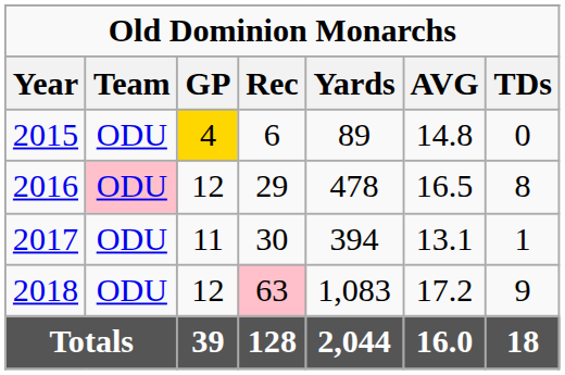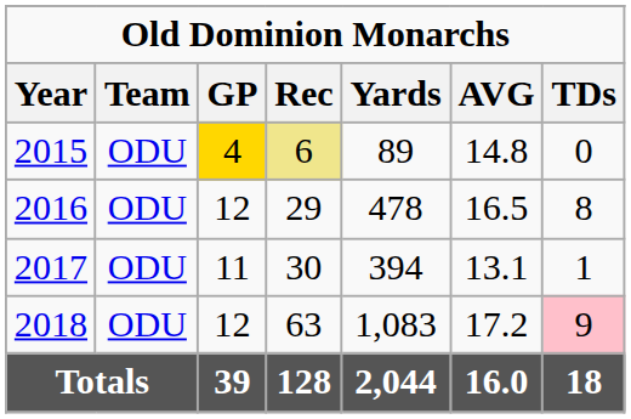 <table class="wikitable" style="text-align:center;">
 <tr>
 </tr>
 <tr>
 <td ! colspan="14"><span><strong>Old Dominion Monarchs</strong></span></td>
 </tr>
 <tr>
 <th>Year</th>
 <th>Team</th>
 <th>GP</th>
 <th>Rec</th>
 <th>Yards</th>
 <th>AVG</th>
 <th>TDs</th>
 </tr>
 <tr>
 <td><a href='#'>2015</a></td>
 <td><a href='#'>ODU</a></td>
 <td style="background: gold;">4</td>
-<td>6</td>
+<td style="background: khaki;">6</td>
 <td>89</td>
 <td>14.8</td>
 <td>0</td>
 </tr>
 <tr>
 <td><a href='#'>2016</a></td>
-<td style="background: pink;"><a href='#'>ODU</a></td>
+<td><a href='#'>ODU</a></td>
 <td>12</td>
 <td>29</td>
 <td>478</td>
 <td>16.5</td>
 <td>8</td>
 </tr>
 <tr>
 <td><a href='#'>2017</a></td>
 <td><a href='#'>ODU</a></td>
 <td>11</td>
 <td>30</td>
 <td>394</td>
 <td>13.1</td>
 <td>1</td>
 </tr>
 <tr>
 <td><a href='#'>2018</a></td>
 <td><a href='#'>ODU</a></td>
 <td>12</td>
-<td style="background: pink;">63</td>
+<td>63</td>
 <td>1,083</td>
 <td>17.2</td>
-<td>9</td>
+<td style="background: pink;">9</td>
 </tr>
 <tr style="background:#555; font-weight:bold; color:white;">
 <td colspan=2>Totals</td>
 <td>39</td>
 <td>128</td>
 <td>2,044</td>
 <td>16.0</td>
 <td>18</td>
 </tr>
 </table>
